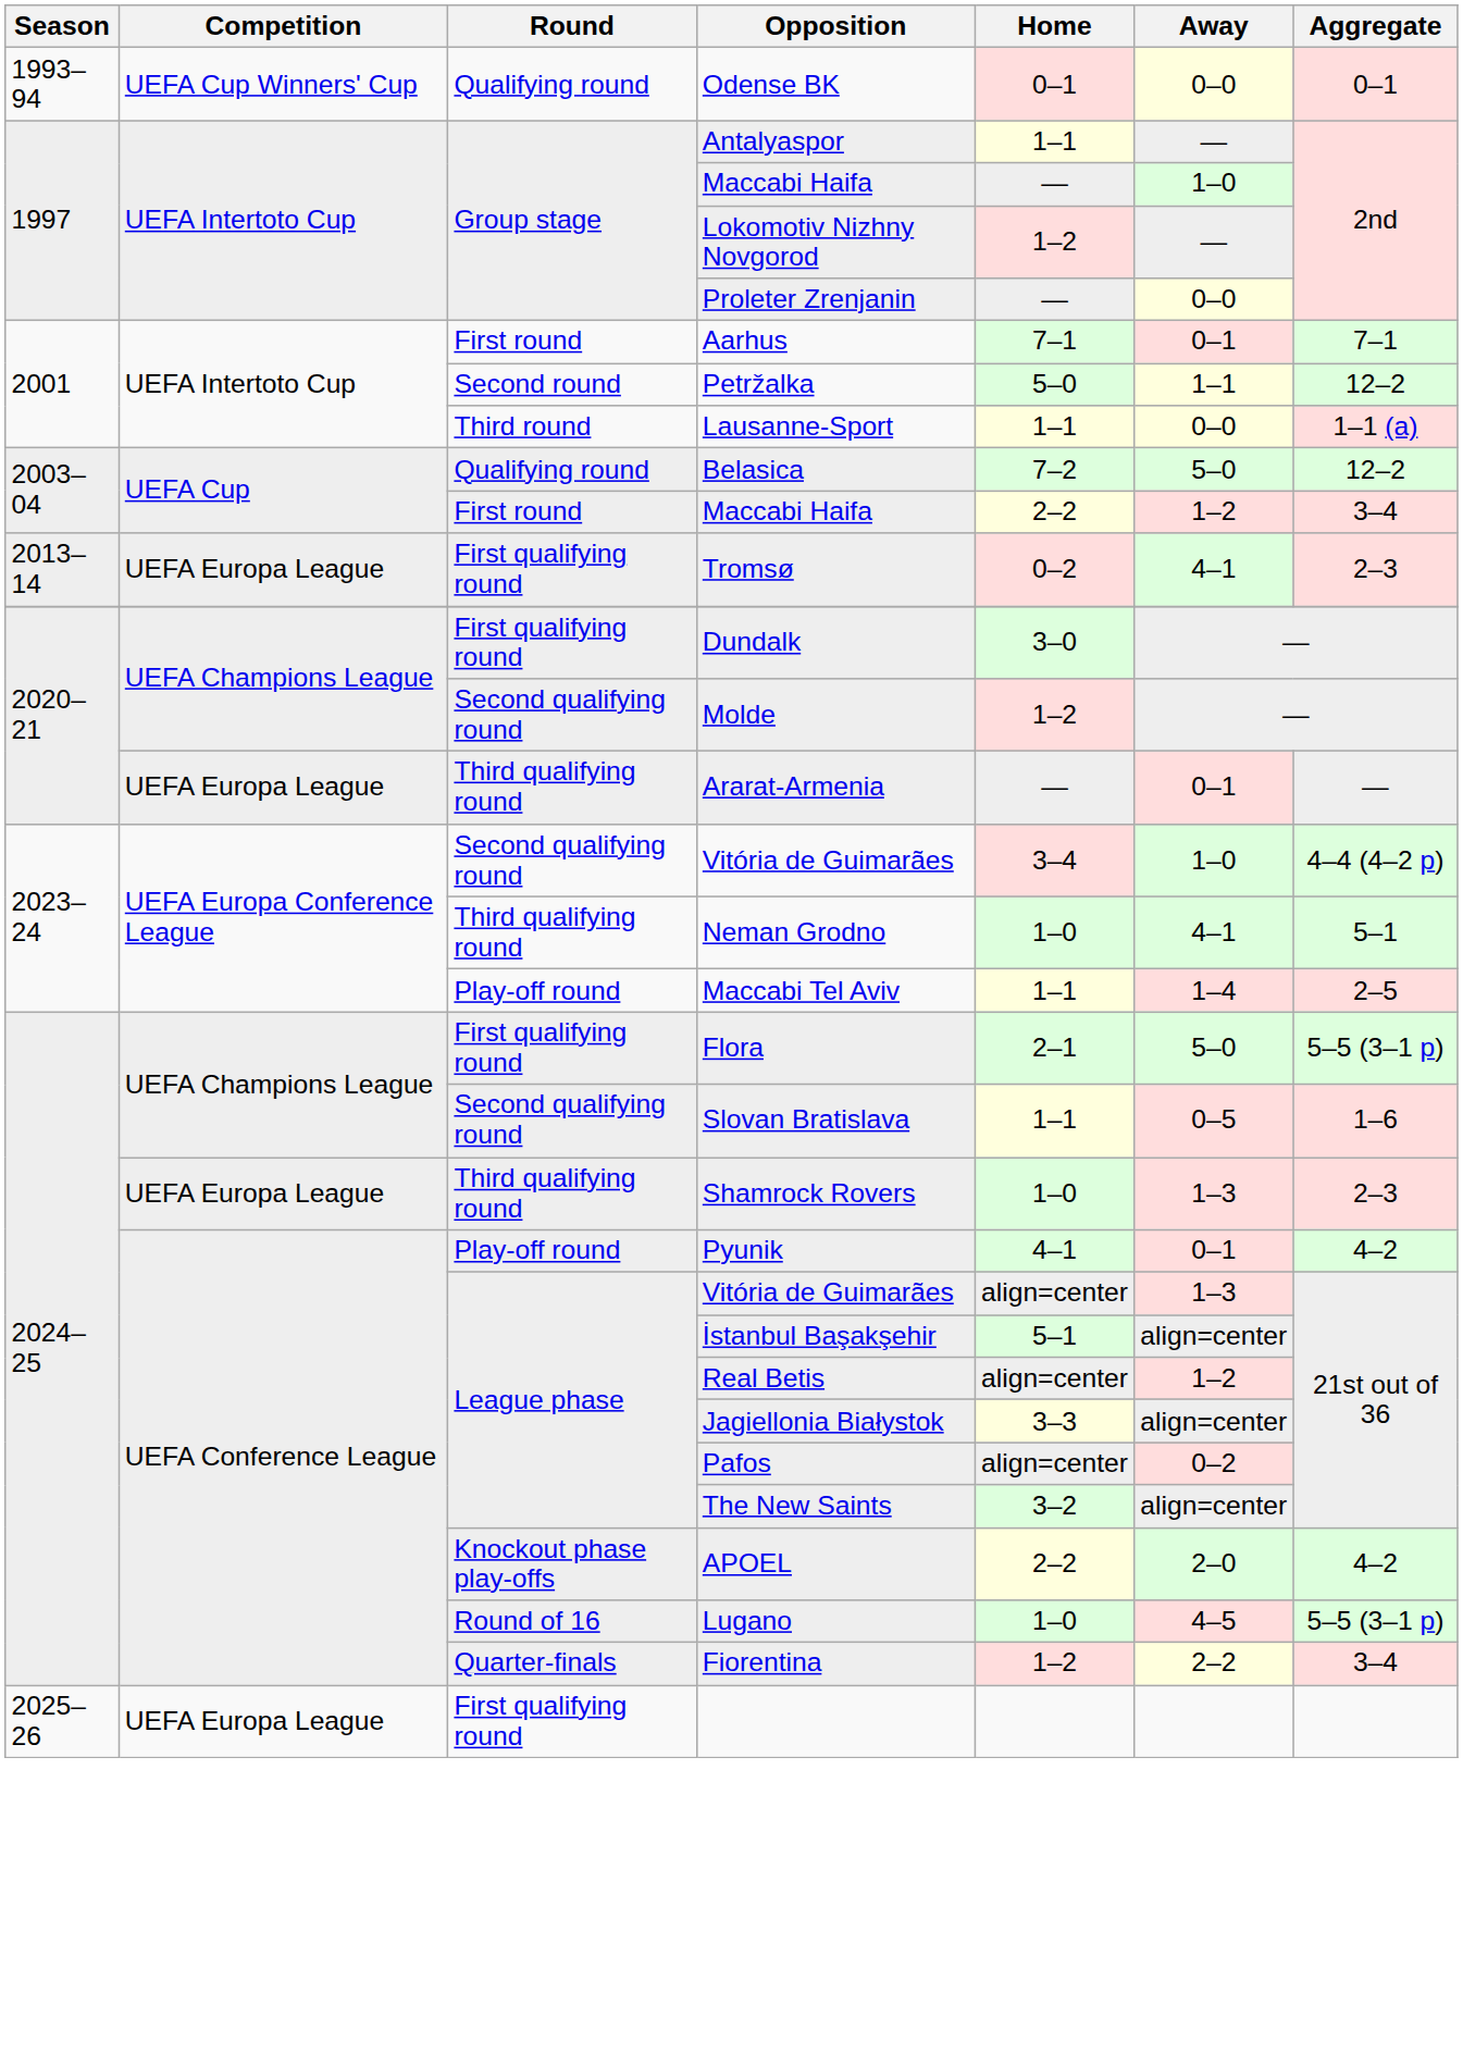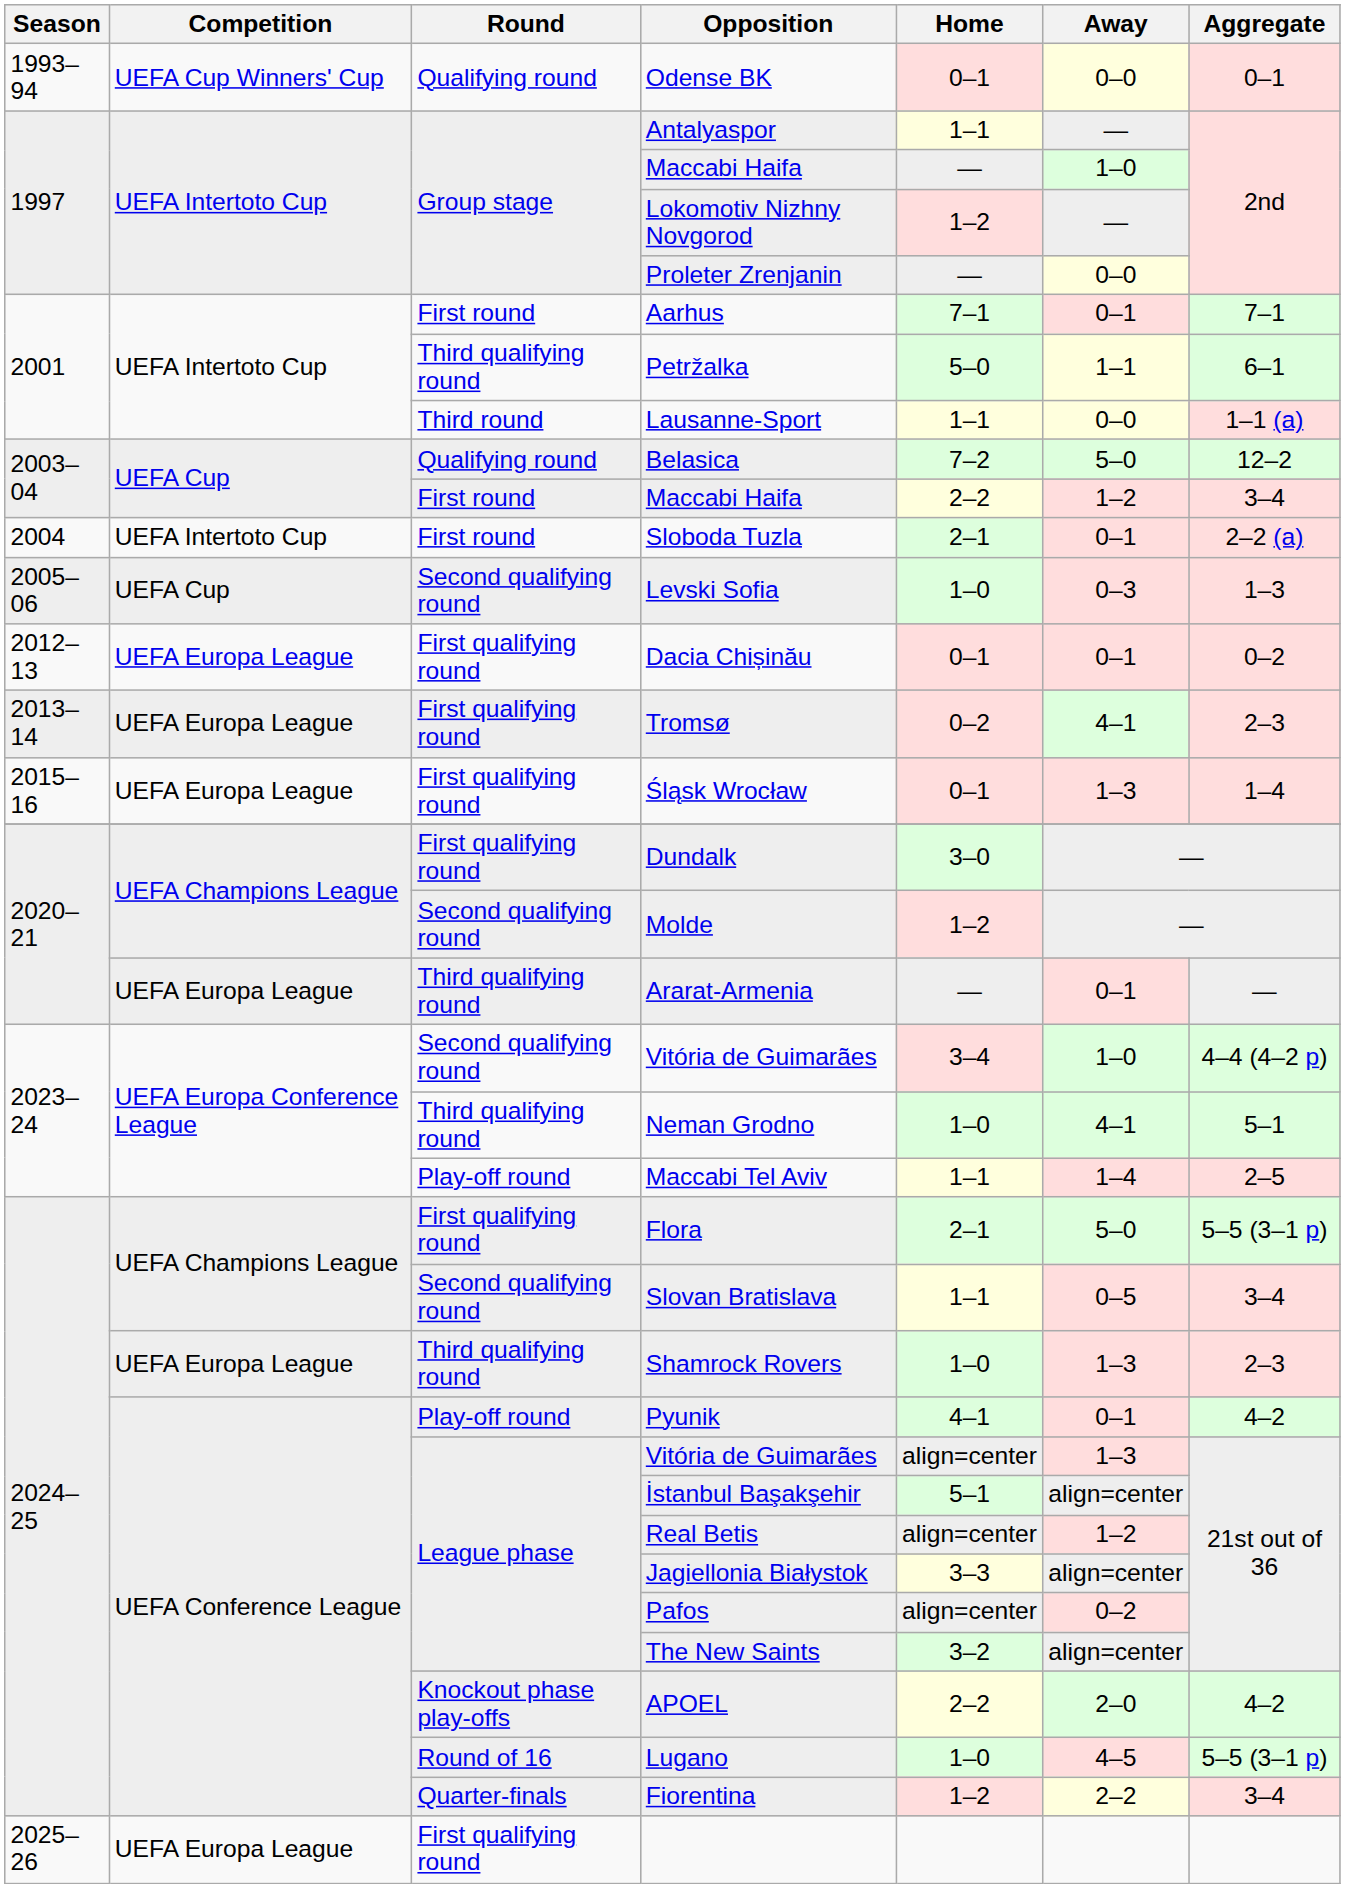 <table class="wikitable">
 <tr>
 <th>Season</th>
 <th>Competition</th>
 <th>Round</th>
 <th>Opposition</th>
 <th>Home</th>
 <th>Away</th>
 <th>Aggregate</th>
 </tr>
 <tr>
 <td>1993–94</td>
 <td><a href='#'>UEFA Cup Winners' Cup</a></td>
 <td><a href='#'>Qualifying round</a></td>
 <td> <a href='#'>Odense BK</a></td>
 <td style="text-align:center;" bgcolor="#FFDDDD">0–1</td>
 <td style="text-align:center;" bgcolor="#FFFFDD">0–0</td>
 <td style="text-align:center;" bgcolor="#FFDDDD">0–1</td>
 </tr>
 <tr bgcolor=#EEEEEE>
 <td rowspan=4>1997</td>
 <td rowspan=4><a href='#'>UEFA Intertoto Cup</a></td>
 <td rowspan=4><a href='#'>Group stage</a></td>
 <td> <a href='#'>Antalyaspor</a></td>
 <td style="text-align:center;" bgcolor="#FFFFDD">1–1</td>
 <td style="text-align:center;">—</td>
 <td rowspan=4 style="text-align:center;" bgcolor="#FFDDDD">2nd</td>
 </tr>
 <tr bgcolor=#EEEEEE>
 <td> <a href='#'>Maccabi Haifa</a></td>
 <td style="text-align:center;">—</td>
 <td style="text-align:center;" bgcolor="#DDFFDD">1–0</td>
 </tr>
 <tr bgcolor=#EEEEEE>
 <td> <a href='#'>Lokomotiv Nizhny Novgorod</a></td>
 <td style="text-align:center;" bgcolor="#FFDDDD">1–2</td>
 <td style="text-align:center;">—</td>
 </tr>
 <tr bgcolor=#EEEEEE>
 <td> <a href='#'>Proleter Zrenjanin</a></td>
 <td style="text-align:center;">—</td>
 <td style="text-align:center;" bgcolor="#FFFFDD">0–0</td>
 </tr>
 <tr>
 <td rowspan=3>2001</td>
 <td rowspan=3>UEFA Intertoto Cup</td>
 <td><a href='#'>First round</a></td>
 <td> <a href='#'>Aarhus</a></td>
 <td style="text-align:center;" bgcolor="#DDFFDD">7–1</td>
 <td style="text-align:center;" bgcolor="#FFDDDD">0–1</td>
 <td style="text-align:center;" bgcolor="#DDFFDD">7–1</td>
 </tr>
 <tr>
-<td><a href='#'>Second round</a></td>
+<td><a href='#'>Third qualifying round</a></td>
 <td> <a href='#'>Petržalka</a></td>
 <td style="text-align:center;" bgcolor="#DDFFDD">5–0</td>
 <td style="text-align:center;" bgcolor="#FFFFDD">1–1</td>
-<td style="text-align:center;" bgcolor="#DDFFDD">12–2</td>
+<td style="text-align:center;" bgcolor="#DDFFDD">6–1</td>
 </tr>
 <tr>
 <td><a href='#'>Third round</a></td>
 <td> <a href='#'>Lausanne-Sport</a></td>
 <td style="text-align:center;" bgcolor="#FFFFDD">1–1</td>
 <td style="text-align:center;" bgcolor="#FFFFDD">0–0</td>
 <td style="text-align:center;" bgcolor="#FFDDDD">1–1 <a href='#'>(a)</a></td>
 </tr>
 <tr bgcolor=#EEEEEE>
 <td rowspan=2>2003–04</td>
 <td rowspan=2><a href='#'>UEFA Cup</a></td>
 <td><a href='#'>Qualifying round</a></td>
 <td> <a href='#'>Belasica</a></td>
 <td style="text-align:center;" bgcolor="#DDFFDD">7–2</td>
 <td style="text-align:center;" bgcolor="#DDFFDD">5–0</td>
 <td style="text-align:center;" bgcolor="#DDFFDD">12–2</td>
 </tr>
 <tr bgcolor=#EEEEEE>
 <td><a href='#'>First round</a></td>
 <td> <a href='#'>Maccabi Haifa</a></td>
 <td style="text-align:center;" bgcolor="#FFFFDD">2–2</td>
 <td style="text-align:center;" bgcolor="#FFDDDD">1–2</td>
 <td style="text-align:center;" bgcolor="#FFDDDD">3–4</td>
 </tr>
+<tr>
+<td>2004</td>
+<td>UEFA Intertoto Cup</td>
+<td><a href='#'>First round</a></td>
+<td> <a href='#'>Sloboda Tuzla</a></td>
+<td style="text-align:center;" bgcolor="#DDFFDD">2–1</td>
+<td style="text-align:center;" bgcolor="#FFDDDD">0–1</td>
+<td style="text-align:center;" bgcolor="#FFDDDD">2–2 <a href='#'>(a)</a></td>
+</tr>
+<tr bgcolor=#EEEEEE>
+<td>2005–06</td>
+<td>UEFA Cup</td>
+<td><a href='#'>Second qualifying round</a></td>
+<td> <a href='#'>Levski Sofia</a></td>
+<td style="text-align:center;" bgcolor="#DDFFDD">1–0</td>
+<td style="text-align:center;" bgcolor="#FFDDDD">0–3</td>
+<td style="text-align:center;" bgcolor="#FFDDDD">1–3</td>
+</tr>
+<tr>
+<td>2012–13</td>
+<td><a href='#'>UEFA Europa League</a></td>
+<td><a href='#'>First qualifying round</a></td>
+<td> <a href='#'>Dacia Chișinău</a></td>
+<td style="text-align:center;" bgcolor="#FFDDDD">0–1</td>
+<td style="text-align:center;" bgcolor="#FFDDDD">0–1</td>
+<td style="text-align:center;" bgcolor="#FFDDDD">0–2</td>
+</tr>
 <tr bgcolor=#EEEEEE>
 <td>2013–14</td>
 <td>UEFA Europa League</td>
 <td><a href='#'>First qualifying round</a></td>
 <td> <a href='#'>Tromsø</a></td>
 <td style="text-align:center;" bgcolor="#FFDDDD">0–2</td>
 <td style="text-align:center;" bgcolor="#DDFFDD">4–1</td>
 <td style="text-align:center;" bgcolor="#FFDDDD">2–3</td>
+</tr>
+<tr>
+<td>2015–16</td>
+<td>UEFA Europa League</td>
+<td><a href='#'>First qualifying round</a></td>
+<td> <a href='#'>Śląsk Wrocław</a></td>
+<td style="text-align:center;" bgcolor="#FFDDDD">0–1</td>
+<td style="text-align:center;" bgcolor="#FFDDDD">1–3</td>
+<td style="text-align:center;" bgcolor="#FFDDDD">1–4</td>
 </tr>
 <tr>
 </tr>
 <tr bgcolor=#EEEEEE>
 <td rowspan=3>2020–21</td>
 <td rowspan=2><a href='#'>UEFA Champions League</a></td>
 <td><a href='#'>First qualifying round</a></td>
 <td> <a href='#'>Dundalk</a></td>
 <td style="text-align:center;" bgcolor="#DDFFDD">3–0</td>
 <td colspan="2" align="center">—</td>
 </tr>
 <tr bgcolor=#EEEEEE>
 <td><a href='#'>Second qualifying round</a></td>
 <td> <a href='#'>Molde</a></td>
 <td style="text-align:center;" bgcolor="#FFDDDD">1–2</td>
 <td colspan="2" align="center">—</td>
 </tr>
 <tr bgcolor=#EEEEEE>
 <td>UEFA Europa League</td>
 <td><a href='#'>Third qualifying round</a></td>
 <td> <a href='#'>Ararat-Armenia</a></td>
 <td align="center">—</td>
 <td style="text-align:center;" bgcolor="#FFDDDD">0–1</td>
 <td align="center">—</td>
 </tr>
 <tr>
 <td rowspan=3>2023–24</td>
 <td rowspan=3><a href='#'>UEFA Europa Conference League</a></td>
 <td><a href='#'>Second qualifying round</a></td>
 <td> <a href='#'>Vitória de Guimarães</a></td>
 <td style="text-align:center;" bgcolor="#FFDDDD">3–4</td>
 <td style="text-align:center;" bgcolor="#DDFFDD">1–0</td>
 <td style="text-align:center;" bgcolor="#DDFFDD">4–4 (4–2 <a href='#'>p</a>)</td>
 </tr>
 <tr>
 <td><a href='#'>Third qualifying round</a></td>
 <td> <a href='#'>Neman Grodno</a></td>
 <td style="text-align:center;" bgcolor="#DDFFDD">1–0</td>
 <td style="text-align:center;" bgcolor="#DDFFDD">4–1</td>
 <td style="text-align:center;" bgcolor="#DDFFDD">5–1</td>
 </tr>
 <tr>
 <td><a href='#'>Play-off round</a></td>
 <td> <a href='#'>Maccabi Tel Aviv</a></td>
 <td style="text-align:center;" bgcolor="#FFFFDD">1–1</td>
 <td style="text-align:center;" bgcolor="#FFDDDD">1–4</td>
 <td style="text-align:center;" bgcolor="#FFDDDD">2–5</td>
 </tr>
 <tr bgcolor=#EEEEEE>
 <td rowspan="13">2024–25</td>
 <td rowspan="2">UEFA Champions League</td>
 <td><a href='#'>First qualifying round</a></td>
 <td> <a href='#'>Flora</a></td>
 <td style="text-align:center;" bgcolor="#DDFFDD">2–1</td>
 <td style="text-align:center;" bgcolor="#DDFFDD">5–0</td>
 <td style="text-align:center;" bgcolor="#DDFFDD">5–5 (3–1 <a href='#'>p</a>)</td>
 </tr>
 <tr bgcolor=#EEEEEE>
 <td><a href='#'>Second qualifying round</a></td>
 <td> <a href='#'>Slovan Bratislava</a></td>
 <td style="text-align:center;" bgcolor="#FFFFDD">1–1</td>
 <td style="text-align:center;" bgcolor="#FFDDDD">0–5</td>
-<td style="text-align:center;" bgcolor="#FFDDDD">1–6</td>
+<td style="text-align:center;" bgcolor="#FFDDDD">3–4</td>
 </tr>
 <tr bgcolor=#EEEEEE>
 <td>UEFA Europa League</td>
 <td><a href='#'>Third qualifying round</a></td>
 <td> <a href='#'>Shamrock Rovers</a></td>
 <td style="text-align:center;" bgcolor="#DDFFDD">1–0</td>
 <td style="text-align:center;" bgcolor="#FFDDDD">1–3</td>
 <td style="text-align:center;" bgcolor="#FFDDDD">2–3</td>
 </tr>
 <tr bgcolor=#EEEEEE>
 <td rowspan="10">UEFA Conference League</td>
 <td><a href='#'>Play-off round</a></td>
 <td> <a href='#'>Pyunik</a></td>
 <td style="text-align:center;" bgcolor="#DDFFDD">4–1</td>
 <td style="text-align:center;" bgcolor="#FFDDDD">0–1</td>
 <td style="text-align:center;" bgcolor="#DDFFDD">4–2</td>
 </tr>
 <tr bgcolor=#EEEEEE>
 <td rowspan="6"><a href='#'>League phase</a></td>
 <td> <a href='#'>Vitória de Guimarães</a></td>
 <td>align=center </td>
 <td style="text-align:center;" bgcolor="#FFDDDD">1–3</td>
 <td rowspan="6" style="text-align:center;">21st out of 36</td>
 </tr>
 <tr bgcolor=#EEEEEE>
 <td> <a href='#'>İstanbul Başakşehir</a></td>
 <td style="text-align:center;" bgcolor="#DDFFDD">5–1</td>
 <td>align=center </td>
 </tr>
 <tr bgcolor=#EEEEEE>
 <td> <a href='#'>Real Betis</a></td>
 <td>align=center </td>
 <td style="text-align:center;" bgcolor="#FFDDDD">1–2</td>
 </tr>
 <tr bgcolor=#EEEEEE>
 <td> <a href='#'>Jagiellonia Białystok</a></td>
 <td style="text-align:center;" bgcolor="#FFFFDD">3–3</td>
 <td>align=center </td>
 </tr>
 <tr bgcolor=#EEEEEE>
 <td> <a href='#'>Pafos</a></td>
 <td>align=center </td>
 <td style="text-align:center;" bgcolor="#FFDDDD">0–2</td>
 </tr>
 <tr bgcolor=#EEEEEE>
 <td> <a href='#'>The New Saints</a></td>
 <td style="text-align:center;" bgcolor="#DDFFDD">3–2</td>
 <td>align=center </td>
 </tr>
 <tr bgcolor=#EEEEEE>
 <td><a href='#'>Knockout phase play-offs</a></td>
 <td> <a href='#'>APOEL</a></td>
 <td style="text-align:center;" bgcolor="#FFFFDD">2–2</td>
 <td style="text-align:center;" bgcolor="#DDFFDD">2–0</td>
 <td style="text-align:center;" bgcolor="#DDFFDD">4–2</td>
 </tr>
 <tr bgcolor=#EEEEEE>
 <td><a href='#'>Round of 16</a></td>
 <td> <a href='#'>Lugano</a></td>
 <td style="text-align:center;" bgcolor="#DDFFDD">1–0</td>
 <td style="text-align:center;" bgcolor="#FFDDDD">4–5</td>
 <td style="text-align:center;" bgcolor="#DDFFDD">5–5 (3–1 <a href='#'>p</a>)</td>
 </tr>
 <tr bgcolor=#EEEEEE>
 <td><a href='#'>Quarter-finals</a></td>
 <td> <a href='#'>Fiorentina</a></td>
 <td style="text-align:center;" bgcolor="#FFDDDD">1–2</td>
 <td style="text-align:center;" bgcolor="#FFFFDD">2–2</td>
 <td style="text-align:center;" bgcolor="#FFDDDD">3–4</td>
 </tr>
 <tr>
 <td>2025–26</td>
 <td>UEFA Europa League</td>
 <td><a href='#'>First qualifying round</a></td>
 <td></td>
 <td style="text-align:center;"></td>
 <td style="text-align:center;"></td>
 <td style="text-align:center;"></td>
 </tr>
 </table>
